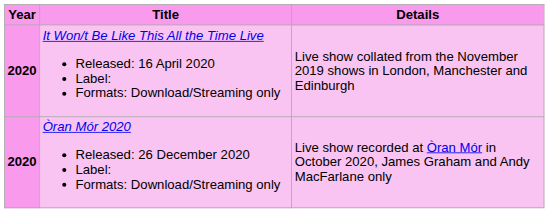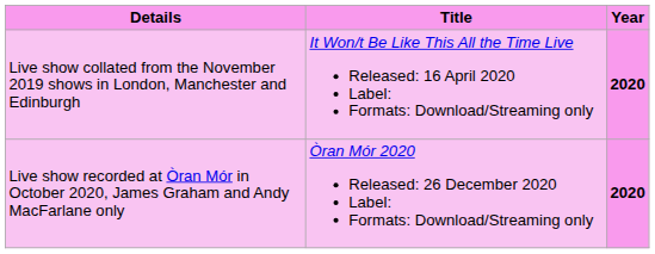 <table class="wikitable" style="background: #f9c4f2; text-align:left;">
 <tr>
+<th width="300" style="background: #f99aed">Details</th>
+<th width="300" style="background: #f99aed">Title</th>
 <th width="15" style="background: #f99aed">Year</th>
-<th width="300" style="background: #f99aed">Title</th>
-<th width="300" style="background: #f99aed">Details</th>
 </tr>
 <tr>
+<td>Live show collated from the November 2019 shows in London, Manchester and Edinburgh</td>
+<td style="background: #f9c4f2" align="left"><em><a href='#'>It Won/t Be Like This All the Time Live</a></em><br><ul><li>Released: 16 April 2020</li><li>Label:</li><li>Formats: Download/Streaming only</li></ul></td>
 <td style="background: #f99aed"><strong>2020</strong></td>
-<td style="background: #f9c4f2" align="left"><em><a href='#'>It Won/t Be Like This All the Time Live</a></em><br><ul><li>Released: 16 April 2020</li><li>Label:</li><li>Formats: Download/Streaming only</li></ul></td>
-<td>Live show collated from the November 2019 shows in London, Manchester and Edinburgh</td>
 </tr>
 <tr>
+<td>Live show recorded at <a href='#'>Òran Mór</a> in October 2020, James Graham and Andy MacFarlane only</td>
+<td style="background: #f9c4f2" align="left"><em><a href='#'>Òran Mór 2020</a></em><br><ul><li>Released: 26 December 2020</li><li>Label:</li><li>Formats: Download/Streaming only</li></ul></td>
 <td style="background: #f99aed"><strong>2020</strong></td>
-<td style="background: #f9c4f2" align="left"><em><a href='#'>Òran Mór 2020</a></em><br><ul><li>Released: 26 December 2020</li><li>Label:</li><li>Formats: Download/Streaming only</li></ul></td>
-<td>Live show recorded at <a href='#'>Òran Mór</a> in October 2020, James Graham and Andy MacFarlane only</td>
 </tr>
 </table>
